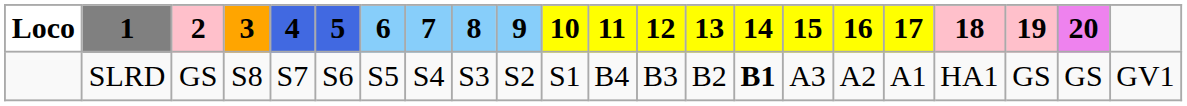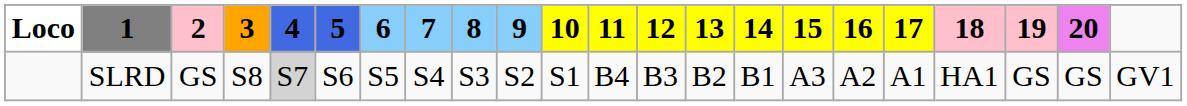 <table class="wikitable plainrowheaders unsortable" style="text-align:center">
 <tr>
 <th scope="col" rowspan="1" style="background:white;">Loco</th>
 <th scope="col" rowspan="1" style="background:grey;">1</th>
 <th scope="col" rowspan="1" style="background:pink;">2</th>
 <th scope="col" rowspan="1" style="background:orange;">3</th>
 <th scope="col" rowspan="1" style="background:royalblue;">4</th>
 <th scope="col" rowspan="1" style="background:royalblue;">5</th>
 <th scope="col" rowspan="1" style="background: lightskyblue;">6</th>
 <th scope="col" rowspan="1" style="background:lightskyblue;">7</th>
 <th scope="col" rowspan="1" style="background:lightskyblue;">8</th>
 <th scope="col" rowspan="1" style="background:lightskyblue;">9</th>
 <th scope="col" rowspan="1" style="background:yellow;">10</th>
 <th scope="col" rowspan="1" style="background:yellow;">11</th>
 <th scope="col" rowspan="1" style="background:yellow;">12</th>
 <th scope="col" rowspan="1" style="background:yellow;">13</th>
 <th scope="col" rowspan="1" style="background:yellow;">14</th>
 <th scope="col" rowspan="1" style="background:yellow;">15</th>
 <th scope="col" rowspan="1" style="background:yellow;">16</th>
 <th scope="col" rowspan="1" style="background:yellow;">17</th>
 <th scope="col" rowspan="1" style="background:pink;">18</th>
 <th scope="col" rowspan="1" style="background:pink;">19</th>
 <th scope="col" rowspan="1" style="background:violet;">20</th>
 </tr>
 <tr>
 <td></td>
 <td>SLRD</td>
 <td GS>GS</td>
 <td>S8</td>
-<td>S7</td>
+<td style="background: lightgrey;">S7</td>
 <td>S6</td>
 <td>S5</td>
 <td>S4</td>
 <td>S3</td>
 <td>S2</td>
 <td>S1</td>
 <td>B4</td>
 <td>B3</td>
 <td>B2</td>
-<td><strong>B1</strong></td>
+<td>B1</td>
 <td>A3</td>
 <td>A2</td>
 <td>A1</td>
 <td>HA1</td>
 <td>GS</td>
 <td>GS</td>
 <td>GV1</td>
 </tr>
 </table>
